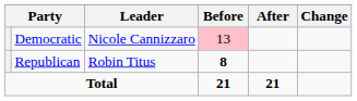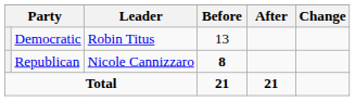 <table class="wikitable" style="text-align:center;">
 <tr>
 </tr>
 <tr>
 <th colspan="2">Party</th>
 <th>Leader</th>
 <th style="width:3em">Before</th>
 <th style="width:3em">After</th>
 <th style="width:3em">Change</th>
 </tr>
 <tr>
 <th style="background-color:"></th>
 <td style="text-align:left;"><a href='#'>Democratic</a></td>
-<td style="text-align:left;"><a href='#'>Nicole Cannizzaro</a></td>
-<td style="background: pink;">13</td>
+<td style="text-align:left;"><a href='#'>Robin Titus</a></td>
+<td>13</td>
 <td></td>
 <td></td>
 </tr>
 <tr>
 <th style="background-color:"></th>
 <td style="text-align:left;"><a href='#'>Republican</a></td>
-<td style="text-align:left;"><a href='#'>Robin Titus</a></td>
+<td style="text-align:left;"><a href='#'>Nicole Cannizzaro</a></td>
 <td><strong>8</strong></td>
 <td></td>
 <td></td>
 </tr>
 <tr>
 <td colspan="3"><strong>Total</strong></td>
 <td><strong>21</strong></td>
 <td><strong>21</strong></td>
 <td></td>
 </tr>
 </table>
